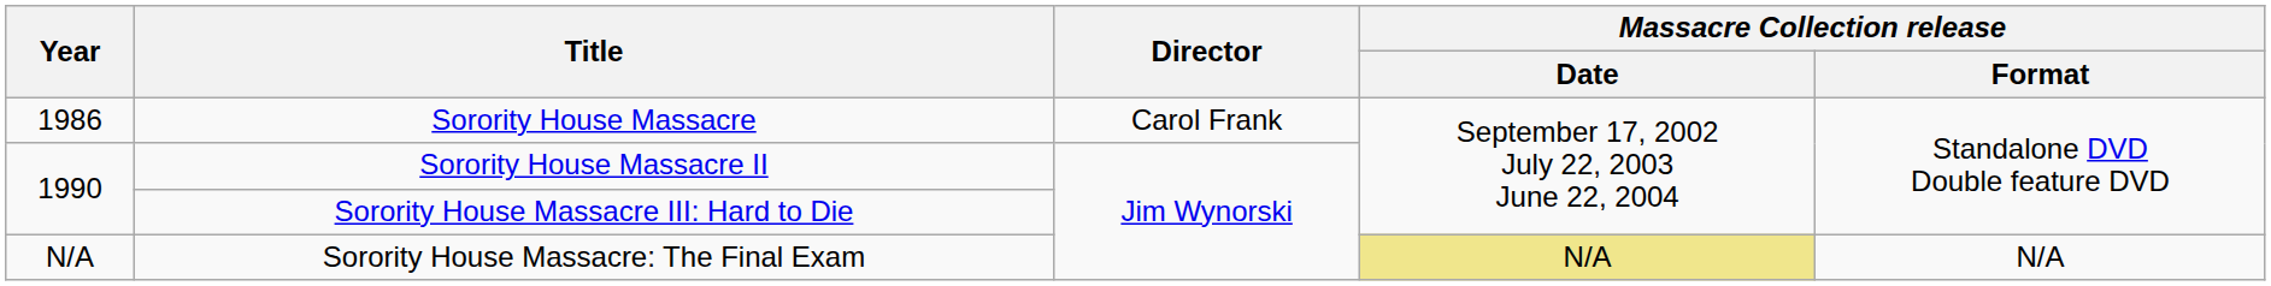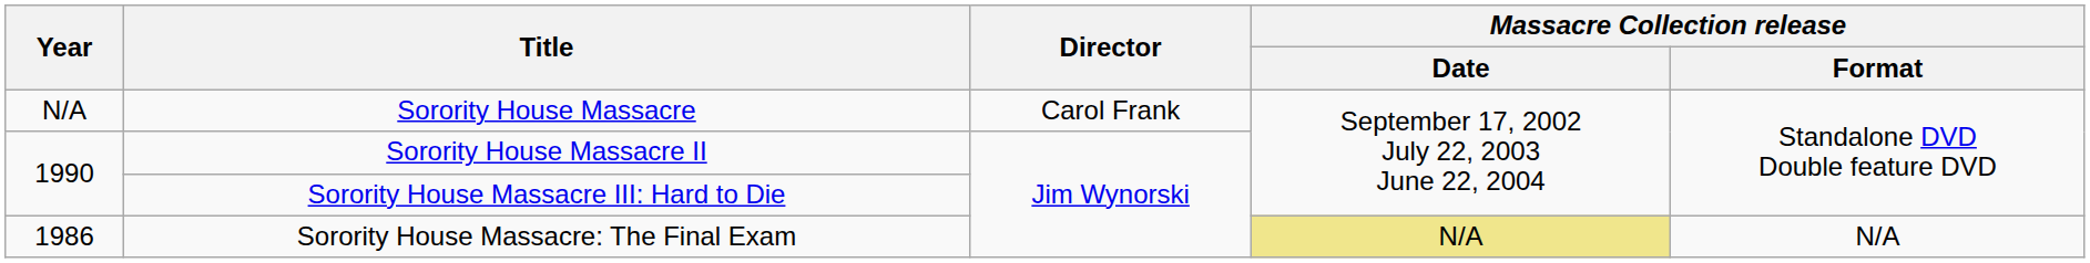 <table class="wikitable" style="width:99%;">
 <tr>
 <th rowspan="2"><strong>Year</strong></th>
 <th rowspan="2"><strong>Title</strong></th>
 <th rowspan="2"><strong>Director</strong></th>
 <th colspan="2"><strong><em>Massacre Collection<em> release<strong></th>
 </tr>
 <tr>
 <th style="text-align:center;"></strong>Date<strong></th>
 <th style="text-align:center;"></strong>Format<strong></th>
 </tr>
 <tr>
-<td style="text-align:center;">1986</td>
+<td style="text-align:center;">N/A</td>
 <td style="text-align:center;"></em><a href='#'>Sorority House Massacre</a><em></td>
 <td style="text-align:center;">Carol Frank</td>
 <td rowspan="3" style="text-align:center;">September 17, 2002<br>July 22, 2003<br>June 22, 2004</td>
 <td rowspan="3" style="text-align:center;">Standalone <a href='#'>DVD</a><br>Double feature DVD</td>
 </tr>
 <tr>
 <td rowspan="2" style="text-align:center;">1990</td>
 <td style="text-align:center;"></em><a href='#'>Sorority House Massacre II</a><em></td>
 <td rowspan="3" style="text-align:center;"><a href='#'>Jim Wynorski</a></td>
 </tr>
 <tr>
 <td style="text-align:center;"></em><a href='#'>Sorority House Massacre III: Hard to Die</a><em></td>
 </tr>
 <tr>
-<td style="text-align:center;">N/A</td>
+<td style="text-align:center;">1986</td>
 <td style="text-align:center;"></em>Sorority House Massacre: The Final Exam<em></td>
 <td style="background: khaki; text-align:center;">N/A</td>
 <td style="text-align:center;">N/A</td>
 </tr>
 </table>
